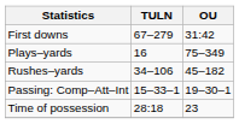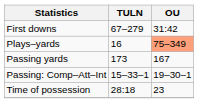 <table class="wikitable" style="float: left;">
 <tr>
 <th>Statistics</th>
 <th>TULN</th>
 <th>OU</th>
 </tr>
 <tr>
 <td>First downs</td>
 <td>67–279</td>
 <td>31:42</td>
 </tr>
 <tr>
 <td>Plays–yards</td>
 <td>16</td>
-<td>75–349</td>
+<td style="background: lightsalmon;">75–349</td>
 </tr>
 <tr>
-<td>Rushes–yards</td>
-<td>34–106</td>
-<td>45–182</td>
+<td>Passing yards</td>
+<td>173</td>
+<td>167</td>
 </tr>
 <tr>
 <td>Passing: Comp–Att–Int</td>
 <td>15–33–1</td>
 <td>19–30–1</td>
 </tr>
 <tr>
 <td>Time of possession</td>
 <td>28:18</td>
 <td>23</td>
 </tr>
 <tr>
 </tr>
 </table>
